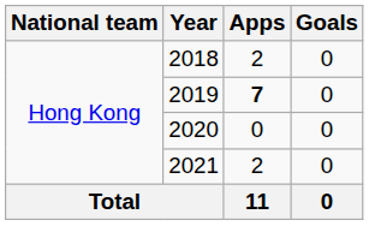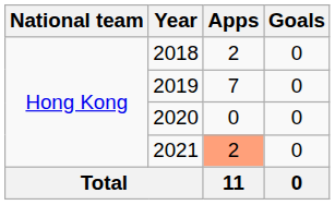 <table class="wikitable" style="text-align:center">
 <tr>
 <th>National team</th>
 <th>Year</th>
 <th>Apps</th>
 <th>Goals</th>
 </tr>
 <tr>
 <td rowspan="4"><a href='#'>Hong Kong</a></td>
 <td>2018</td>
 <td>2</td>
 <td>0</td>
 </tr>
 <tr>
 <td>2019</td>
-<td><strong>7</strong></td>
+<td>7</td>
 <td>0</td>
 </tr>
 <tr>
 <td>2020</td>
 <td>0</td>
 <td>0</td>
 </tr>
 <tr>
 <td>2021</td>
-<td>2</td>
+<td style="background: lightsalmon;">2</td>
 <td>0</td>
 </tr>
 <tr>
 <th colspan=2>Total</th>
 <th>11</th>
 <th>0</th>
 </tr>
 </table>
